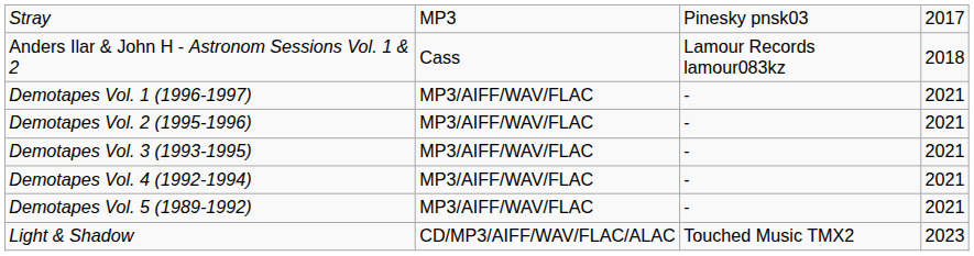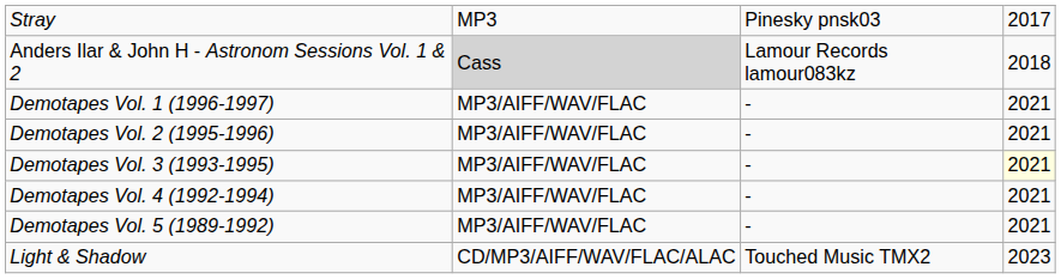 <table class="wikitable">
 <tr>
 <td><em>Stray</em></td>
 <td>MP3</td>
 <td>Pinesky pnsk03</td>
 <td>2017</td>
 </tr>
 <tr>
 <td>Anders Ilar & John H - <em>Astronom Sessions Vol. 1 & 2</em></td>
-<td>Cass</td>
+<td style="background: lightgrey;">Cass</td>
 <td>Lamour Records lamour083kz</td>
 <td>2018</td>
 </tr>
 <tr>
 <td><em>Demotapes Vol. 1 (1996-1997)</em></td>
 <td>MP3/AIFF/WAV/FLAC</td>
 <td>-</td>
 <td>2021</td>
 </tr>
 <tr>
 <td><em>Demotapes Vol. 2 (1995-1996)</em></td>
 <td>MP3/AIFF/WAV/FLAC</td>
 <td>-</td>
 <td>2021</td>
 </tr>
 <tr>
 <td><em>Demotapes Vol. 3 (1993-1995)</em></td>
 <td>MP3/AIFF/WAV/FLAC</td>
 <td>-</td>
-<td>2021</td>
+<td style="background: lightyellow;">2021</td>
 </tr>
 <tr>
 <td><em>Demotapes Vol. 4 (1992-1994)</em></td>
 <td>MP3/AIFF/WAV/FLAC</td>
 <td>-</td>
 <td>2021</td>
 </tr>
 <tr>
 <td><em>Demotapes Vol. 5 (1989-1992)</em></td>
 <td>MP3/AIFF/WAV/FLAC</td>
 <td>-</td>
 <td>2021</td>
 </tr>
 <tr>
 <td><em>Light & Shadow</em></td>
 <td>CD/MP3/AIFF/WAV/FLAC/ALAC</td>
 <td>Touched Music TMX2</td>
 <td>2023</td>
 </tr>
 </table>
